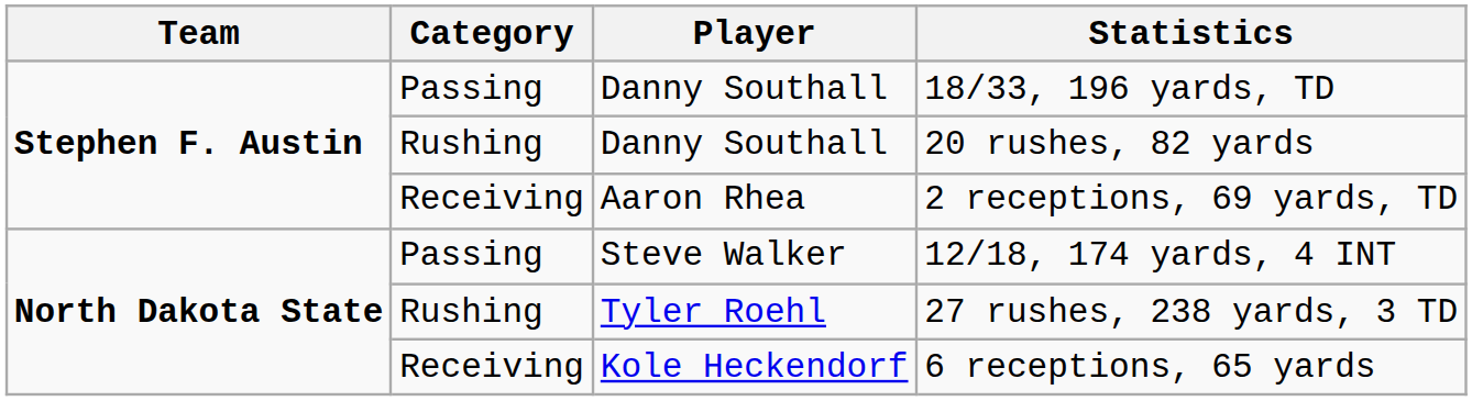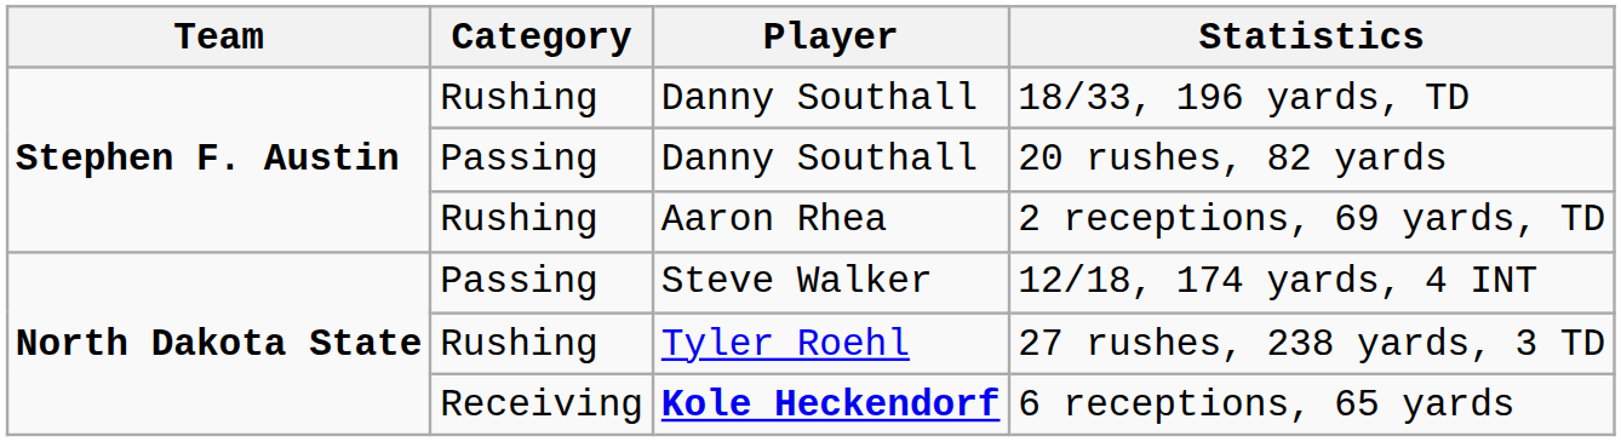 <table class="wikitable" style="float: right;">
 <tr>
 <th>Team</th>
 <th>Category</th>
 <th>Player</th>
 <th>Statistics</th>
 </tr>
 <tr>
 <td rowspan=3><strong>Stephen F. Austin</strong></td>
-<td>Passing</td>
+<td>Rushing</td>
 <td>Danny Southall</td>
 <td>18/33, 196 yards, TD</td>
 </tr>
 <tr>
-<td>Rushing</td>
+<td>Passing</td>
 <td>Danny Southall</td>
 <td>20 rushes, 82 yards</td>
 </tr>
 <tr>
-<td>Receiving</td>
+<td>Rushing</td>
 <td>Aaron Rhea</td>
 <td>2 receptions, 69 yards, TD</td>
 </tr>
 <tr>
 <td rowspan=3><strong>North Dakota State</strong></td>
 <td>Passing</td>
 <td>Steve Walker</td>
 <td>12/18, 174 yards, 4 INT</td>
 </tr>
 <tr>
 <td>Rushing</td>
 <td><a href='#'>Tyler Roehl</a></td>
 <td>27 rushes, 238 yards, 3 TD</td>
 </tr>
 <tr>
 <td>Receiving</td>
-<td><a href='#'>Kole Heckendorf</a></td>
+<td><strong><a href='#'>Kole Heckendorf</a></strong></td>
 <td>6 receptions, 65 yards</td>
 </tr>
 </table>
